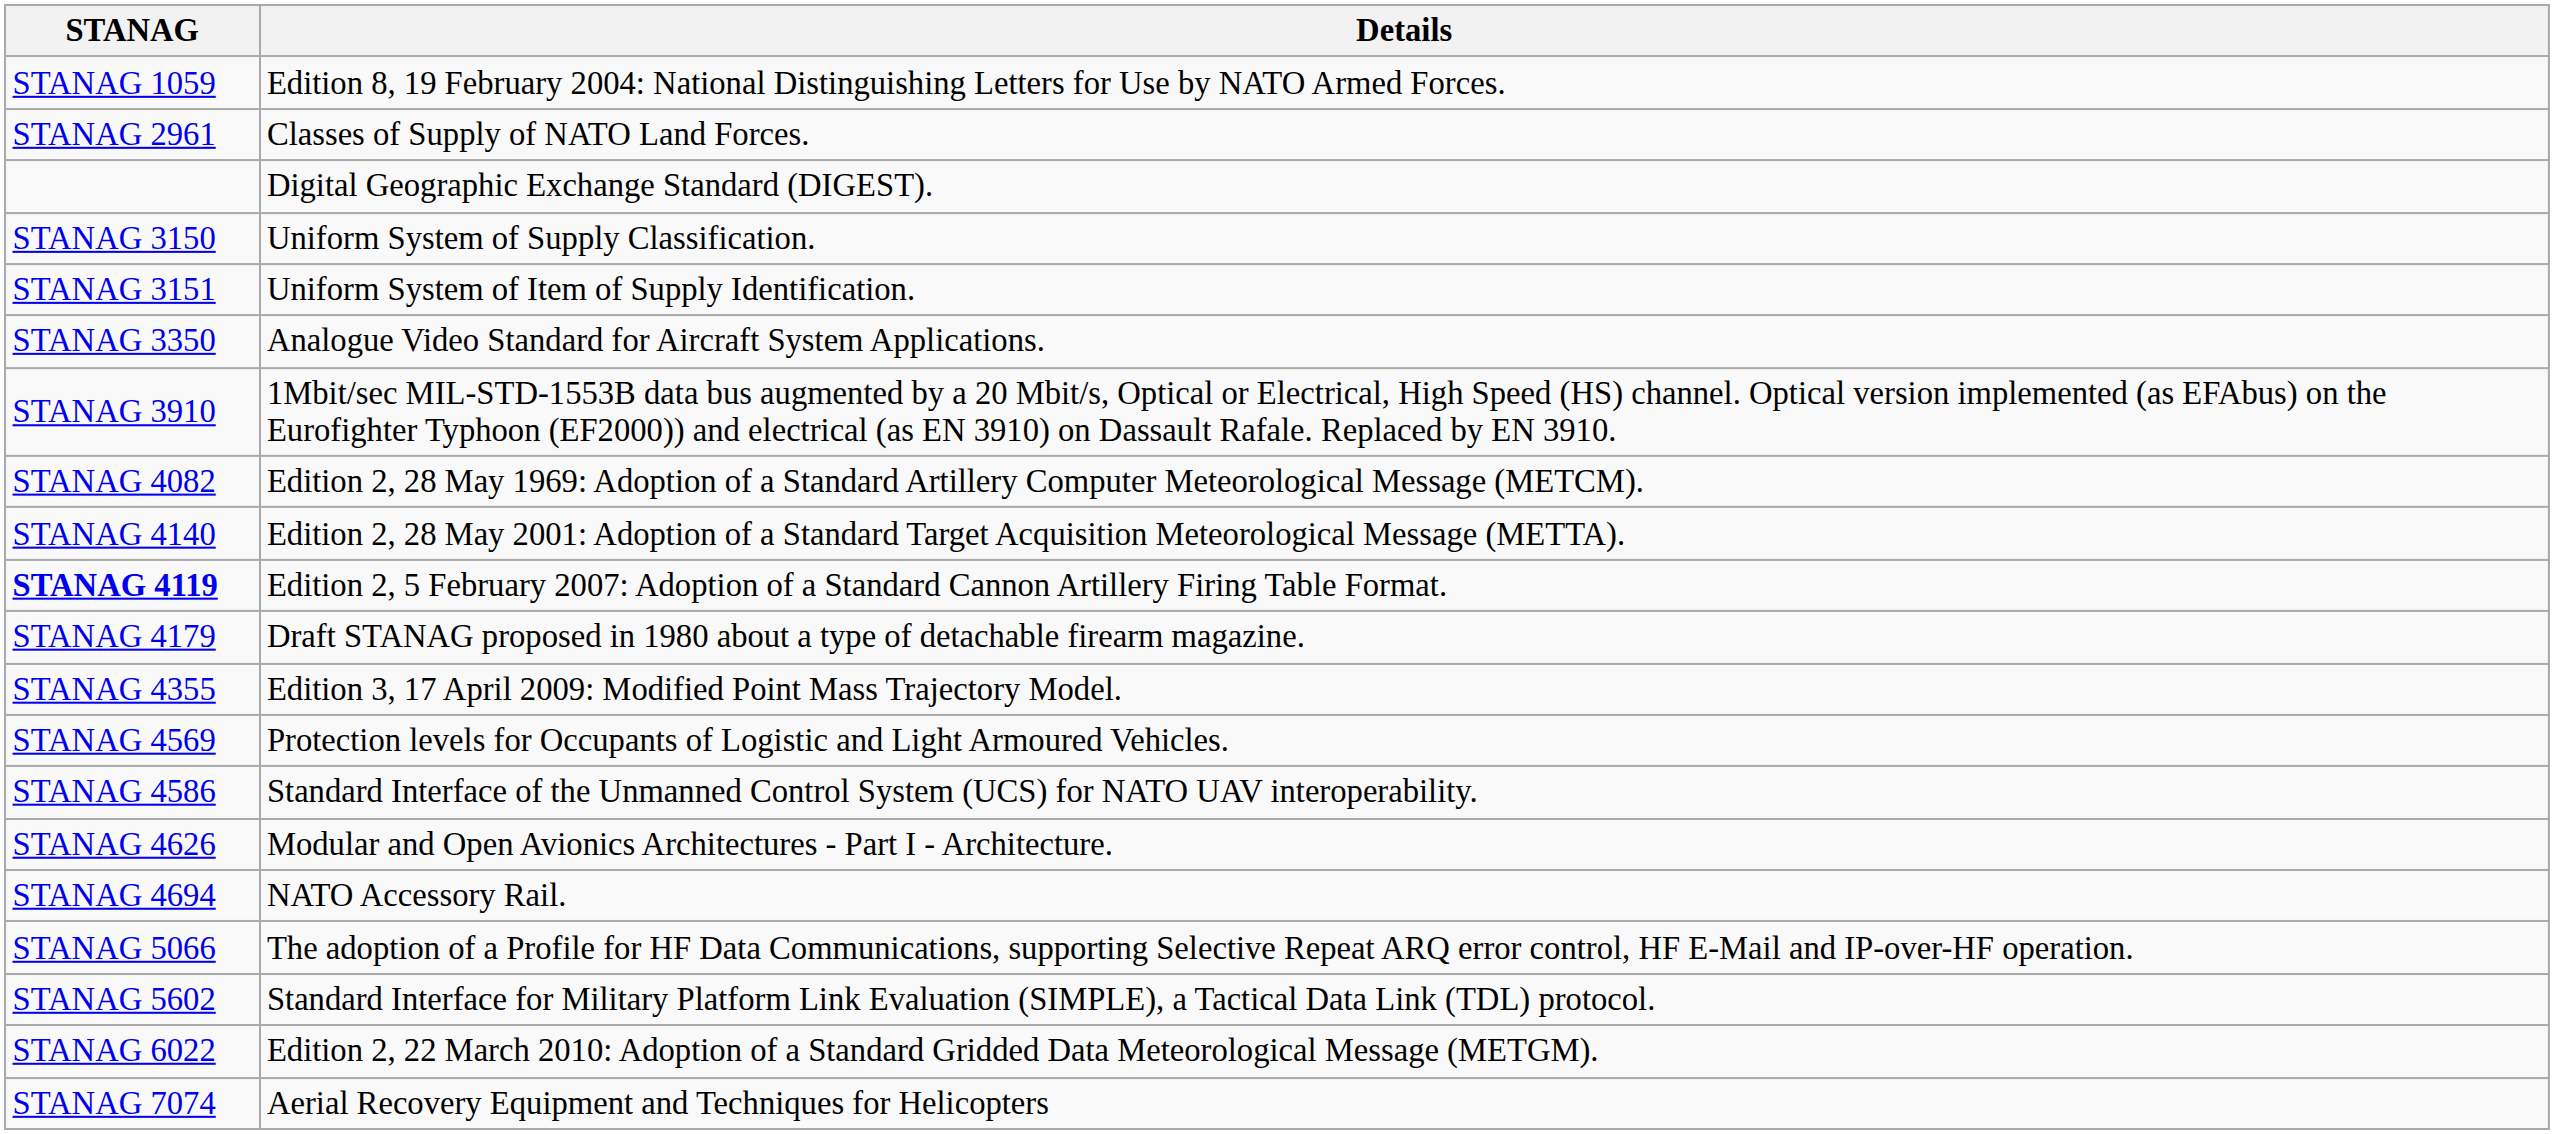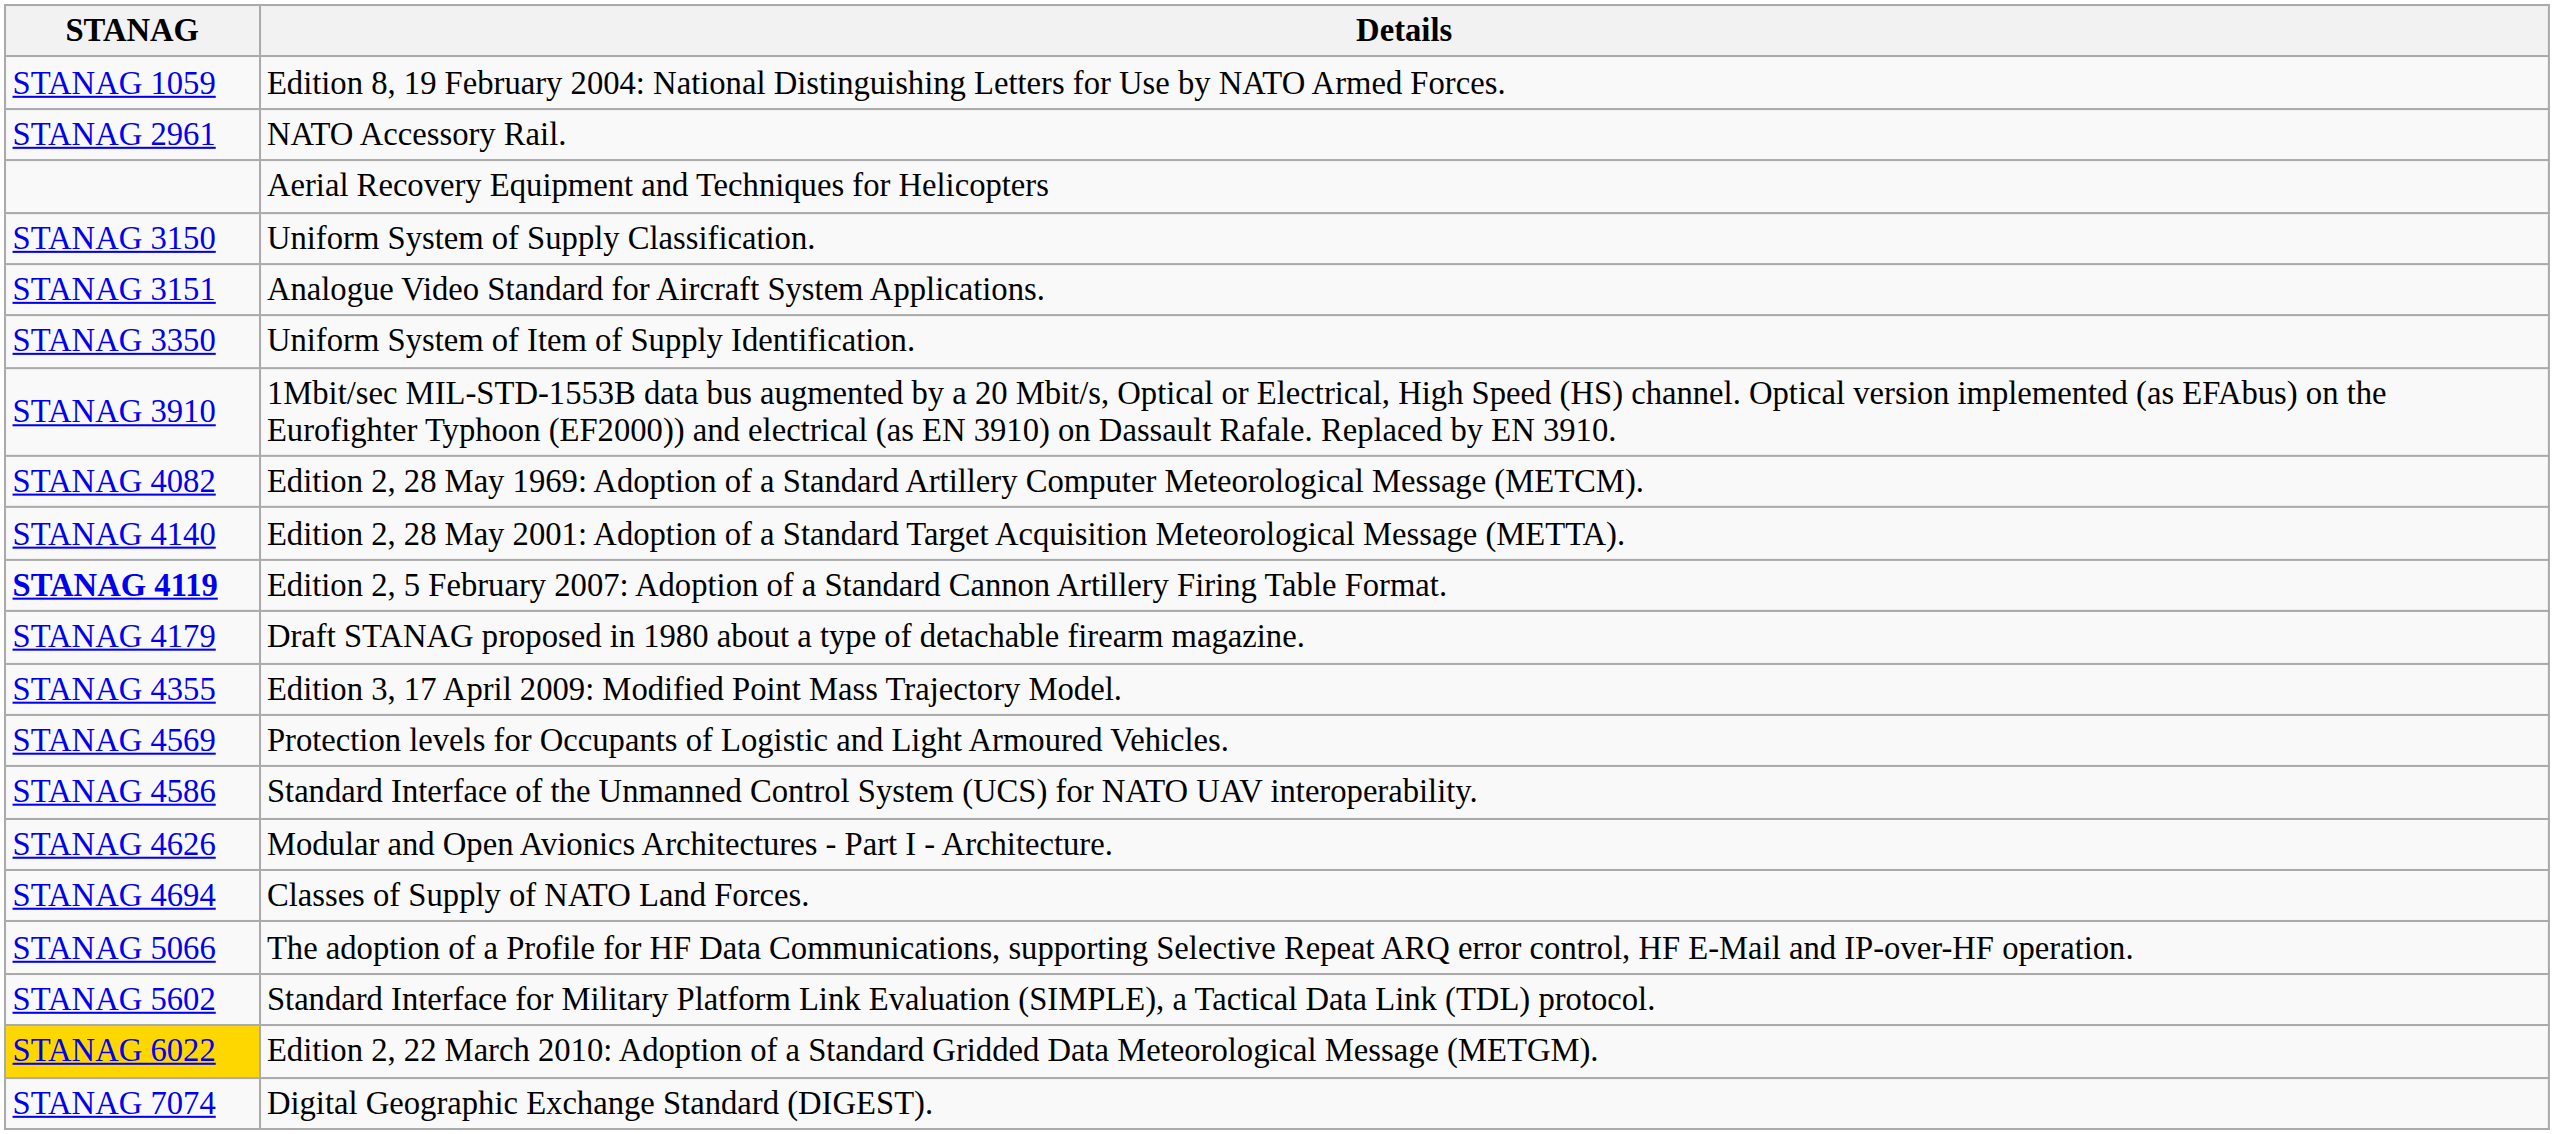 <table class="sortable wikitable">
 <tr>
 <th width="10%">STANAG</th>
 <th>Details</th>
 </tr>
 <tr>
 <td><a href='#'>STANAG 1059</a></td>
 <td>Edition 8, 19 February 2004: National Distinguishing Letters for Use by NATO Armed Forces.</td>
 </tr>
 <tr>
 <td><a href='#'>STANAG 2961</a></td>
-<td>Classes of Supply of NATO Land Forces.</td>
+<td>NATO Accessory Rail.</td>
 </tr>
 <tr>
 <td></td>
-<td>Digital Geographic Exchange Standard (DIGEST).</td>
+<td>Aerial Recovery Equipment and Techniques for Helicopters</td>
 </tr>
 <tr>
 <td><a href='#'>STANAG 3150</a></td>
 <td>Uniform System of Supply Classification.</td>
 </tr>
 <tr>
 <td><a href='#'>STANAG 3151</a></td>
-<td>Uniform System of Item of Supply Identification.</td>
+<td>Analogue Video Standard for Aircraft System Applications.</td>
 </tr>
 <tr>
 <td><a href='#'>STANAG 3350</a></td>
-<td>Analogue Video Standard for Aircraft System Applications.</td>
+<td>Uniform System of Item of Supply Identification.</td>
 </tr>
 <tr>
 <td><a href='#'>STANAG 3910</a></td>
 <td>1Mbit/sec MIL-STD-1553B data bus augmented by a 20 Mbit/s, Optical or Electrical, High Speed (HS) channel. Optical version implemented (as EFAbus) on the Eurofighter Typhoon (EF2000)) and electrical (as EN 3910) on Dassault Rafale. Replaced by EN 3910.</td>
 </tr>
 <tr>
 <td><a href='#'>STANAG 4082</a></td>
 <td>Edition 2, 28 May 1969: Adoption of a Standard Artillery Computer Meteorological Message (METCM).</td>
 </tr>
 <tr>
 <td><a href='#'>STANAG 4140</a></td>
 <td>Edition 2, 28 May 2001: Adoption of a Standard Target Acquisition Meteorological Message (METTA).</td>
 </tr>
 <tr>
 <td><strong><a href='#'>STANAG 4119</a></strong></td>
 <td>Edition 2, 5 February 2007: Adoption of a Standard Cannon Artillery Firing Table Format.</td>
 </tr>
 <tr>
 <td><a href='#'>STANAG 4179</a></td>
 <td>Draft STANAG proposed in 1980 about a type of detachable firearm magazine.</td>
 </tr>
 <tr>
 <td><a href='#'>STANAG 4355</a></td>
 <td>Edition 3, 17 April 2009: Modified Point Mass Trajectory Model.</td>
 </tr>
 <tr>
 <td><a href='#'>STANAG 4569</a></td>
 <td>Protection levels for Occupants of Logistic and Light Armoured Vehicles.</td>
 </tr>
 <tr>
 <td><a href='#'>STANAG 4586</a></td>
 <td>Standard Interface of the Unmanned Control System (UCS) for NATO UAV interoperability.</td>
 </tr>
 <tr>
 <td><a href='#'>STANAG 4626</a></td>
 <td>Modular and Open Avionics Architectures - Part I - Architecture.</td>
 </tr>
 <tr>
 <td><a href='#'>STANAG 4694</a></td>
-<td>NATO Accessory Rail.</td>
+<td>Classes of Supply of NATO Land Forces.</td>
 </tr>
 <tr>
 <td><a href='#'>STANAG 5066</a></td>
 <td>The adoption of a Profile for HF Data Communications, supporting Selective Repeat ARQ error control, HF E-Mail and IP-over-HF operation.</td>
 </tr>
 <tr>
 <td><a href='#'>STANAG 5602</a></td>
 <td>Standard Interface for Military Platform Link Evaluation (SIMPLE), a Tactical Data Link (TDL) protocol.</td>
 </tr>
 <tr>
-<td><a href='#'>STANAG 6022</a></td>
+<td style="background: gold;"><a href='#'>STANAG 6022</a></td>
 <td>Edition 2, 22 March 2010: Adoption of a Standard Gridded Data Meteorological Message (METGM).</td>
 </tr>
 <tr>
 <td><a href='#'>STANAG 7074</a></td>
-<td>Aerial Recovery Equipment and Techniques for Helicopters</td>
+<td>Digital Geographic Exchange Standard (DIGEST).</td>
 </tr>
 <tr>
 </tr>
 </table>
